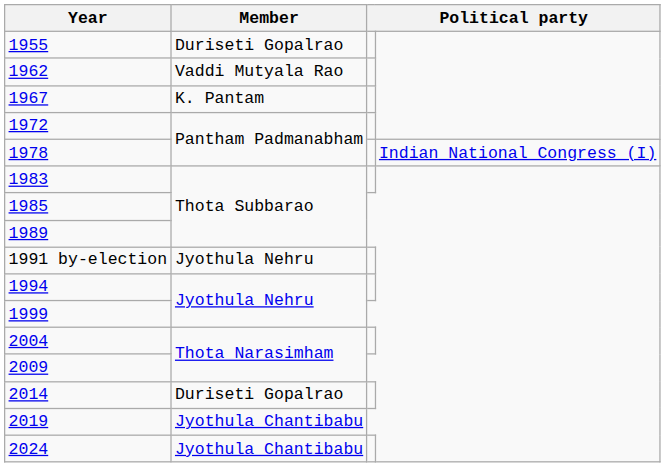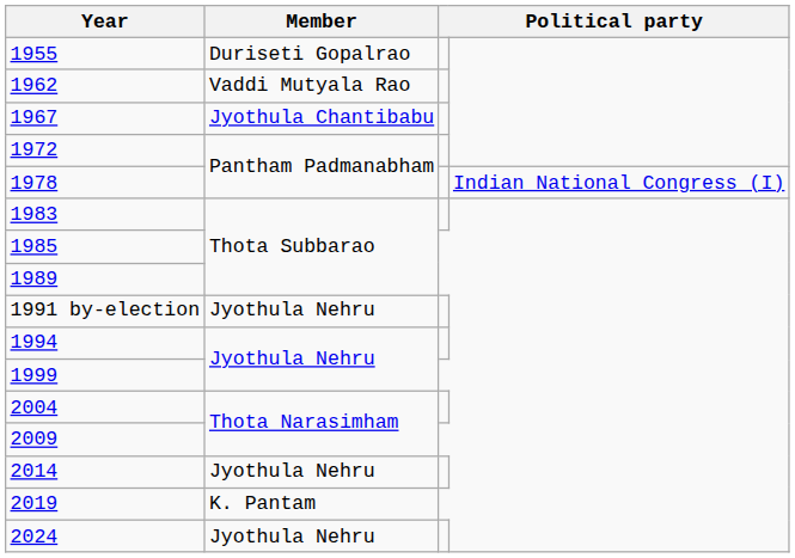 <table class="wikitable sortable">
 <tr>
 <th>Year</th>
 <th>Member</th>
 <th colspan="2">Political party</th>
 </tr>
 <tr>
 <td><a href='#'>1955</a></td>
 <td>Duriseti Gopalrao</td>
 <td></td>
 </tr>
 <tr>
 <td><a href='#'>1962</a></td>
 <td>Vaddi Mutyala Rao</td>
 <td></td>
 </tr>
 <tr>
 <td><a href='#'>1967</a></td>
-<td>K. Pantam</td>
+<td><a href='#'>Jyothula Chantibabu</a></td>
 <td></td>
 </tr>
 <tr>
 <td><a href='#'>1972</a></td>
 <td rowspan=2>Pantham Padmanabham</td>
 <td></td>
 </tr>
 <tr>
 <td><a href='#'>1978</a></td>
 <td style="background-color: "></td>
 <td><a href='#'>Indian National Congress (I)</a></td>
 </tr>
 <tr>
 <td><a href='#'>1983</a></td>
 <td rowspan=3>Thota Subbarao</td>
 <td></td>
 </tr>
 <tr>
 <td><a href='#'>1985</a></td>
 </tr>
 <tr>
 <td><a href='#'>1989</a></td>
 </tr>
 <tr>
 <td>1991 by-election</td>
 <td>Jyothula Nehru</td>
 <td></td>
 </tr>
 <tr>
 <td><a href='#'>1994</a></td>
 <td rowspan=2><a href='#'>Jyothula Nehru</a></td>
 <td></td>
 </tr>
 <tr>
 <td><a href='#'>1999</a></td>
 </tr>
 <tr>
 <td><a href='#'>2004</a></td>
 <td rowspan=2><a href='#'>Thota Narasimham</a></td>
 <td></td>
 </tr>
 <tr>
 <td><a href='#'>2009</a></td>
 </tr>
 <tr>
 <td><a href='#'>2014</a></td>
-<td>Duriseti Gopalrao</td>
+<td>Jyothula Nehru</td>
 <td></td>
 </tr>
 <tr>
 <td><a href='#'>2019</a></td>
-<td><a href='#'>Jyothula Chantibabu</a></td>
+<td>K. Pantam</td>
 </tr>
 <tr>
 <td><a href='#'>2024</a></td>
-<td><a href='#'>Jyothula Chantibabu</a></td>
+<td>Jyothula Nehru</td>
 <td></td>
 </tr>
 </table>
